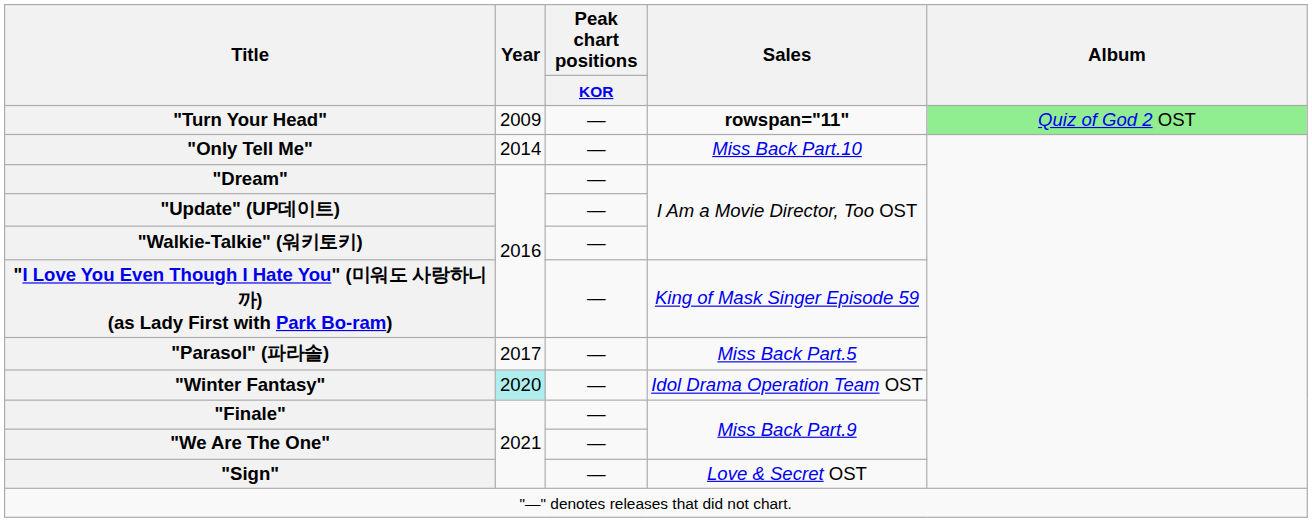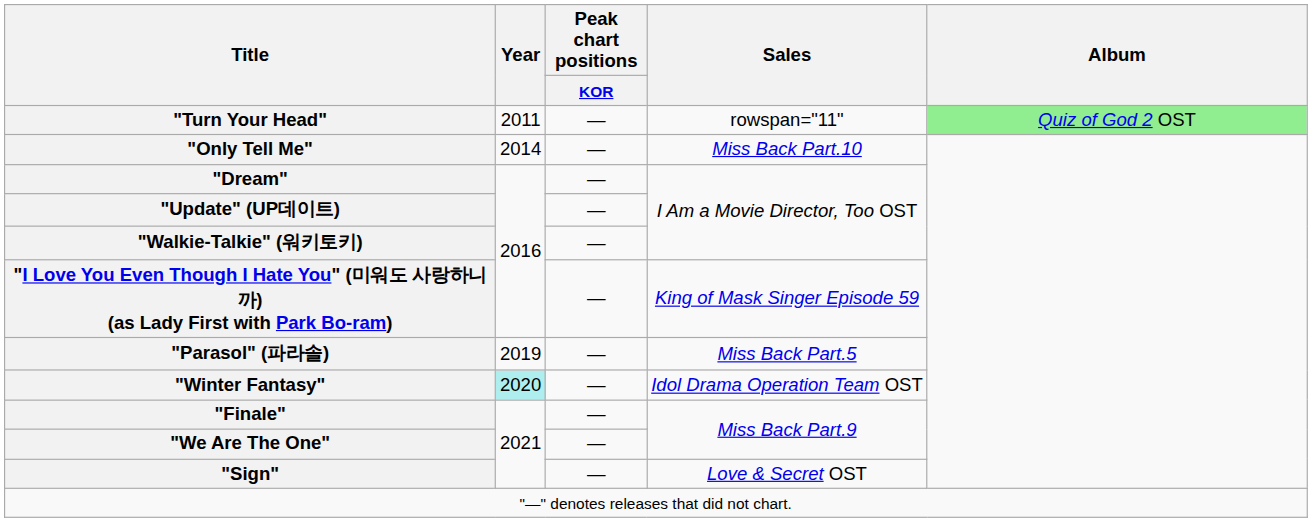 <table class="wikitable plainrowheaders" style="text-align:center;">
 <tr>
 <th scope="col" rowspan="2" style="width:26em;">Title</th>
 <th scope="col" rowspan="2">Year</th>
 <th scope="col" colspan="1" style="width:5em;">Peak chart positions</th>
 <th scope="col" rowspan="2">Sales</th>
 <th scope="col" rowspan="2" style="width:20em;">Album</th>
 </tr>
 <tr>
 <th><small><a href='#'>KOR</a></small><br></th>
 </tr>
 <tr>
 <th scope="row">"Turn Your Head"<br></th>
-<td>2009</td>
+<td>2011</td>
 <td>—</td>
-<td><strong>rowspan="11" </strong></td>
+<td>rowspan="11" </td>
 <td style="background: lightgreen;"><em><a href='#'>Quiz of God 2</a></em> OST</td>
 </tr>
 <tr>
 <th scope="row">"Only Tell Me"</th>
 <td>2014</td>
 <td>—</td>
 <td><em><a href='#'>Miss Back Part.10</a></em></td>
 </tr>
 <tr>
 <th scope="row">"Dream"<br></th>
 <td rowspan="4">2016</td>
 <td>—</td>
 <td rowspan="3"><em>I Am a Movie Director, Too</em> OST</td>
 </tr>
 <tr>
 <th scope="row">"Update" (UP데이트)<br></th>
 <td>—</td>
 </tr>
 <tr>
 <th scope="row">"Walkie-Talkie" (워키토키)</th>
 <td>—</td>
 </tr>
 <tr>
 <th scope="row">"<a href='#'>I Love You Even Though I Hate You</a>" (미워도 사랑하니까) <br>(as Lady First with <a href='#'>Park Bo-ram</a>)</th>
 <td>—</td>
 <td><em><a href='#'>King of Mask Singer Episode 59</a></em></td>
 </tr>
 <tr>
 <th scope="row">"Parasol" (파라솔)</th>
-<td>2017</td>
+<td>2019</td>
 <td>—</td>
 <td><em><a href='#'>Miss Back Part.5</a></em></td>
 </tr>
 <tr>
 <th scope="row">"Winter Fantasy" <br></th>
 <td style="background: paleturquoise;">2020</td>
 <td>—</td>
 <td><em><a href='#'>Idol Drama Operation Team</a></em> OST</td>
 </tr>
 <tr>
 <th scope="row">"Finale" <br></th>
 <td rowspan="3">2021</td>
 <td>—</td>
 <td rowspan="2"><em><a href='#'>Miss Back Part.9</a></em></td>
 </tr>
 <tr>
 <th scope="row">"We Are The One" <br></th>
 <td>—</td>
 </tr>
 <tr>
 <th scope="row">"Sign"</th>
 <td>—</td>
 <td><em><a href='#'>Love & Secret</a></em> OST</td>
 </tr>
 <tr>
 <td colspan="5"><small>"—" denotes releases that did not chart.</small></td>
 </tr>
 </table>
